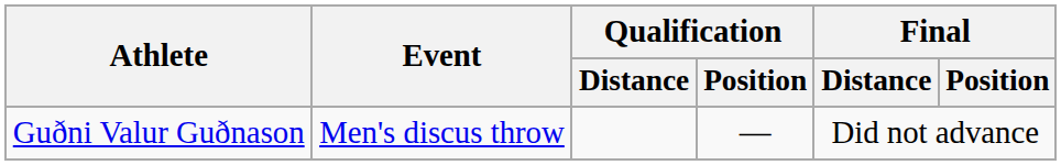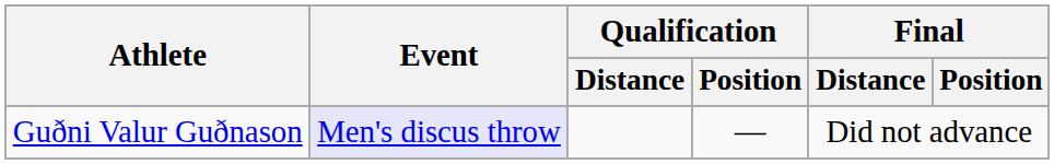 <table class=wikitable style="font-size:90%">
 <tr>
 <th rowspan="2">Athlete</th>
 <th rowspan="2">Event</th>
 <th colspan="2">Qualification</th>
 <th colspan="2">Final</th>
 </tr>
 <tr style="font-size:95%">
 <th>Distance</th>
 <th>Position</th>
 <th>Distance</th>
 <th>Position</th>
 </tr>
 <tr align=center>
 <td align=left><a href='#'>Guðni Valur Guðnason</a></td>
-<td align=left><a href='#'>Men's discus throw</a></td>
+<td align=left style="background: lavender;"><a href='#'>Men's discus throw</a></td>
 <td></td>
 <td>—</td>
 <td colspan="2">Did not advance</td>
 </tr>
 </table>
